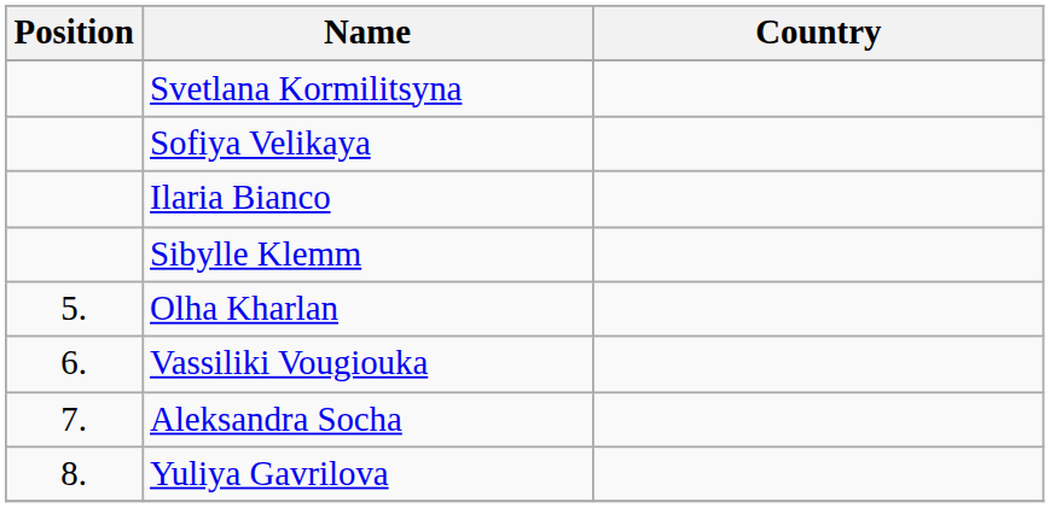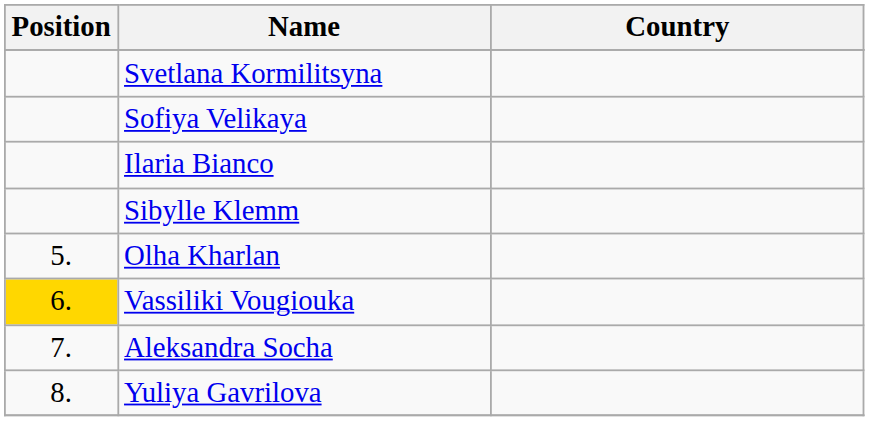 <table class="wikitable">
 <tr>
 <th width="20">Position</th>
 <th width="200">Name</th>
 <th width="200">Country</th>
 </tr>
 <tr>
 </tr>
 <tr>
 <td align="center"></td>
 <td><a href='#'>Svetlana Kormilitsyna</a></td>
 <td></td>
 </tr>
 <tr>
 <td align="center"></td>
 <td><a href='#'>Sofiya Velikaya</a></td>
 <td></td>
 </tr>
 <tr>
 <td align="center"></td>
 <td><a href='#'>Ilaria Bianco</a></td>
 <td></td>
 </tr>
 <tr>
 <td align="center"></td>
 <td><a href='#'>Sibylle Klemm</a></td>
 <td></td>
 </tr>
 <tr>
 <td align="center">5.</td>
 <td><a href='#'>Olha Kharlan</a></td>
 <td></td>
 </tr>
 <tr>
-<td align="center">6.</td>
+<td align="center" style="background: gold;">6.</td>
 <td><a href='#'>Vassiliki Vougiouka</a></td>
 <td></td>
 </tr>
 <tr>
 <td align="center">7.</td>
 <td><a href='#'>Aleksandra Socha</a></td>
 <td></td>
 </tr>
 <tr>
 <td align="center">8.</td>
 <td><a href='#'>Yuliya Gavrilova</a></td>
 <td></td>
 </tr>
 <tr>
 </tr>
 </table>
